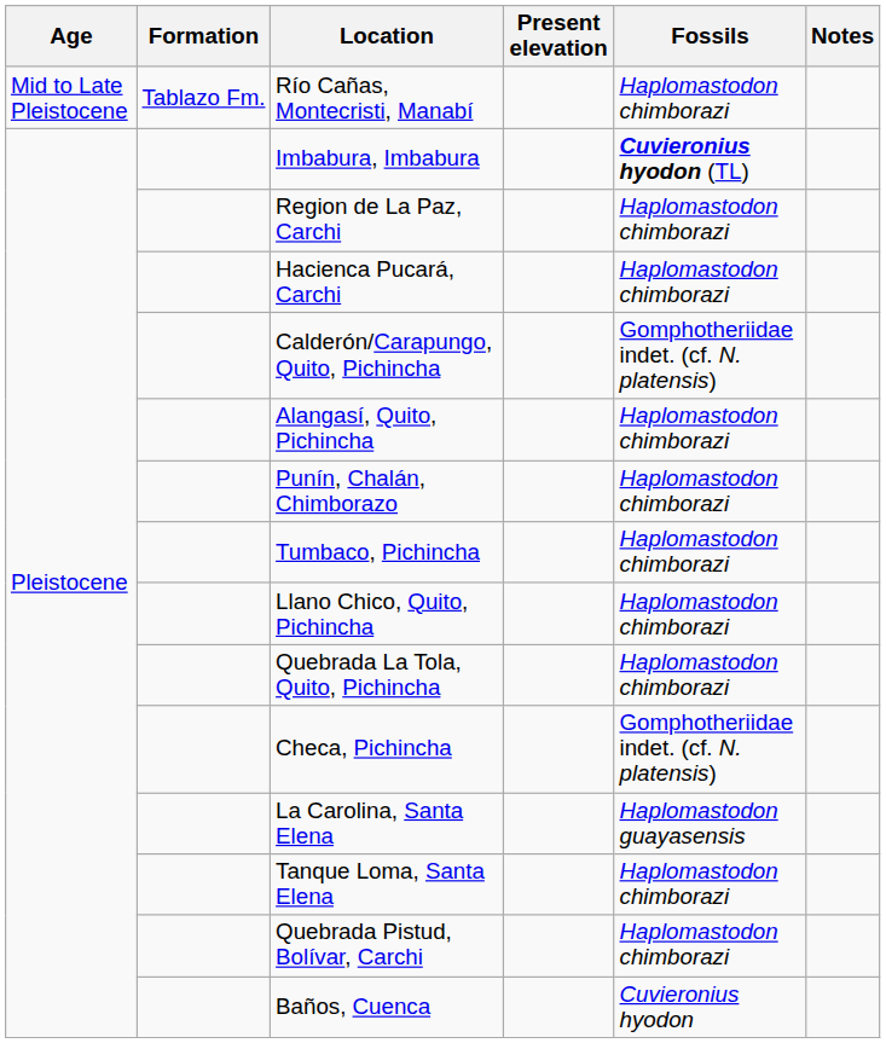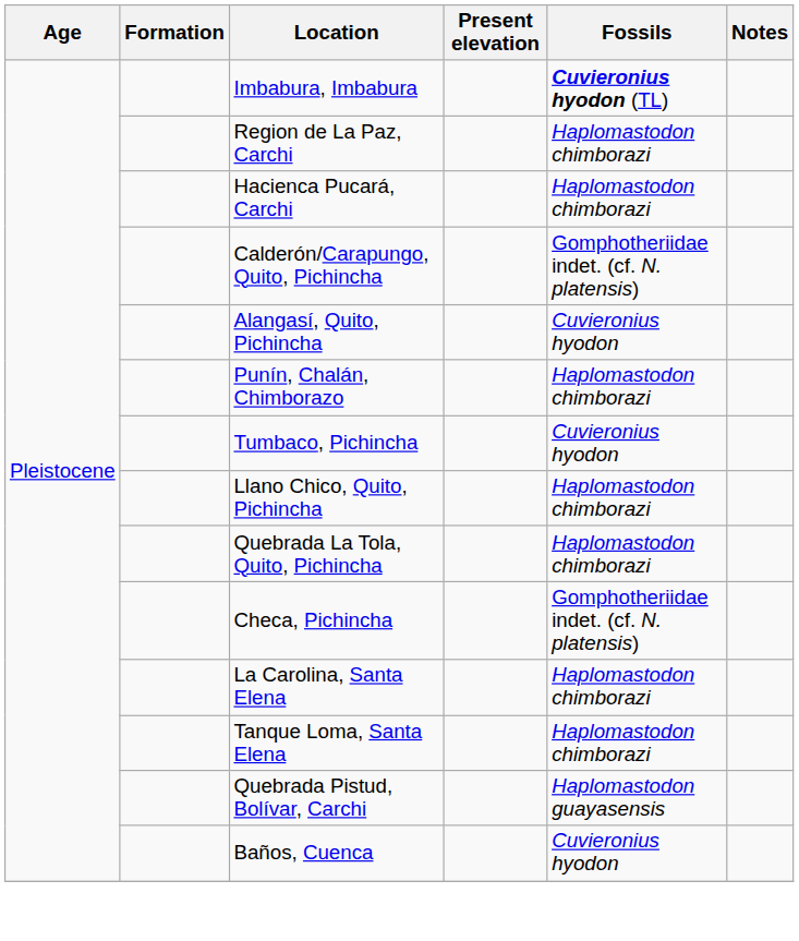 <table class="wikitable sortable" style="width: 70%;">
 <tr>
 <th>Age</th>
 <th>Formation</th>
 <th>Location</th>
 <th>Present elevation</th>
 <th>Fossils</th>
 <th class="unsortable">Notes</th>
-</tr>
-<tr>
-<td style="background-color: "><a href='#'>Mid to Late Pleistocene</a></td>
-<td><a href='#'>Tablazo Fm.</a></td>
-<td>Río Cañas, <a href='#'>Montecristi</a>, <a href='#'>Manabí</a></td>
-<td></td>
-<td><em><a href='#'>Haplomastodon</a> chimborazi</em></td>
-<td></td>
 </tr>
 <tr>
 <td rowspan=14 style="background-color: "><a href='#'>Pleistocene</a></td>
 <td></td>
 <td><a href='#'>Imbabura</a>, <a href='#'>Imbabura</a></td>
 <td></td>
 <td><strong><em><a href='#'>Cuvieronius</a> hyodon</em></strong> (<a href='#'>TL</a>)</td>
 <td></td>
 </tr>
 <tr>
 <td></td>
 <td>Region de La Paz, <a href='#'>Carchi</a></td>
 <td></td>
 <td><em><a href='#'>Haplomastodon</a> chimborazi</em></td>
 <td></td>
 </tr>
 <tr>
 <td></td>
 <td>Hacienca Pucará, <a href='#'>Carchi</a></td>
 <td></td>
 <td><em><a href='#'>Haplomastodon</a> chimborazi</em></td>
 <td></td>
 </tr>
 <tr>
 <td></td>
 <td>Calderón/<a href='#'>Carapungo</a>, <a href='#'>Quito</a>, <a href='#'>Pichincha</a></td>
 <td></td>
 <td><a href='#'>Gomphotheriidae</a> indet. (cf. <em>N. platensis</em>)</td>
 <td></td>
 </tr>
 <tr>
 <td></td>
 <td><a href='#'>Alangasí</a>, <a href='#'>Quito</a>, <a href='#'>Pichincha</a></td>
 <td></td>
-<td><em><a href='#'>Haplomastodon</a> chimborazi</em></td>
+<td><em><a href='#'>Cuvieronius</a> hyodon</em></td>
 <td></td>
 </tr>
 <tr>
 <td></td>
 <td><a href='#'>Punín</a>, <a href='#'>Chalán</a>, <a href='#'>Chimborazo</a></td>
 <td></td>
 <td><em><a href='#'>Haplomastodon</a> chimborazi</em></td>
 <td></td>
 </tr>
 <tr>
 <td></td>
 <td><a href='#'>Tumbaco</a>, <a href='#'>Pichincha</a></td>
 <td></td>
-<td><em><a href='#'>Haplomastodon</a> chimborazi</em></td>
+<td><em><a href='#'>Cuvieronius</a> hyodon</em></td>
 <td></td>
 </tr>
 <tr>
 <td></td>
 <td>Llano Chico, <a href='#'>Quito</a>, <a href='#'>Pichincha</a></td>
 <td></td>
 <td><em><a href='#'>Haplomastodon</a> chimborazi</em></td>
 <td></td>
 </tr>
 <tr>
 <td></td>
 <td>Quebrada La Tola, <a href='#'>Quito</a>, <a href='#'>Pichincha</a></td>
 <td></td>
 <td><em><a href='#'>Haplomastodon</a> chimborazi</em></td>
 <td></td>
 </tr>
 <tr>
 <td></td>
 <td>Checa, <a href='#'>Pichincha</a></td>
 <td></td>
 <td><a href='#'>Gomphotheriidae</a> indet. (cf. <em>N. platensis</em>)</td>
 <td></td>
 </tr>
 <tr>
 <td></td>
 <td>La Carolina, <a href='#'>Santa Elena</a></td>
 <td></td>
-<td><em><a href='#'>Haplomastodon</a> guayasensis</em></td>
+<td><em><a href='#'>Haplomastodon</a> chimborazi</em></td>
 <td></td>
 </tr>
 <tr>
 <td></td>
 <td>Tanque Loma, <a href='#'>Santa Elena</a></td>
 <td></td>
 <td><em><a href='#'>Haplomastodon</a> chimborazi</em></td>
 <td></td>
 </tr>
 <tr>
 <td></td>
 <td>Quebrada Pistud, <a href='#'>Bolívar</a>, <a href='#'>Carchi</a></td>
 <td></td>
-<td><em><a href='#'>Haplomastodon</a> chimborazi</em></td>
+<td><em><a href='#'>Haplomastodon</a> guayasensis</em></td>
 <td></td>
 </tr>
 <tr>
 <td></td>
 <td>Baños, <a href='#'>Cuenca</a></td>
 <td></td>
 <td><em><a href='#'>Cuvieronius</a> hyodon</em></td>
 <td></td>
 </tr>
 <tr>
 </tr>
 </table>
